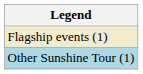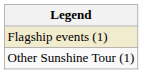 <table class="wikitable" style="font-size:95%;">
 <tr>
 <th>Legend</th>
 </tr>
 <tr style="background:#f2ecce;">
 <td>Flagship events (1)</td>
 </tr>
 <tr>
-<td style="background: lightblue;">Other Sunshine Tour (1)</td>
+<td>Other Sunshine Tour (1)</td>
 </tr>
 </table>
